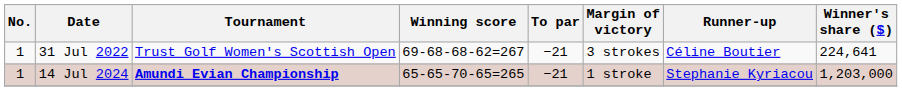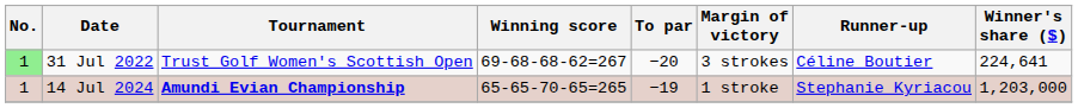 <table class="wikitable" style="font-size:95%;">
 <tr>
 <th>No.</th>
 <th>Date</th>
 <th>Tournament</th>
 <th>Winning score</th>
 <th>To par</th>
 <th>Margin of<br>victory</th>
 <th>Runner-up</th>
 <th>Winner's<br>share (<a href='#'>$</a>)</th>
 </tr>
 <tr>
-<td align=center>1</td>
+<td align=center style="background: lightgreen;">1</td>
 <td align=right>31 Jul <a href='#'>2022</a></td>
 <td><a href='#'>Trust Golf Women's Scottish Open</a></td>
 <td>69-68-68-62=267</td>
-<td align=center>−21</td>
+<td align=center>−20</td>
 <td>3 strokes</td>
 <td> <a href='#'>Céline Boutier</a></td>
 <td>224,641</td>
 </tr>
 <tr style="background:#e5d1cb">
 <td align=center>1</td>
 <td align=right>14 Jul <a href='#'>2024</a></td>
 <td><strong><a href='#'>Amundi Evian Championship</a></strong></td>
 <td align=right>65-65-70-65=265</td>
-<td align=center>−21</td>
+<td align=center>−19</td>
 <td>1 stroke</td>
 <td> <a href='#'>Stephanie Kyriacou</a></td>
 <td>1,203,000</td>
 </tr>
 <tr>
 </tr>
 </table>
